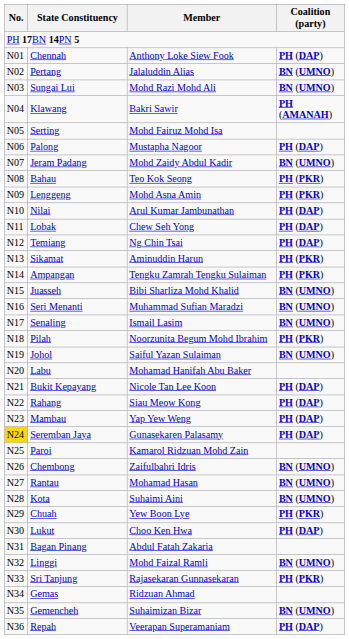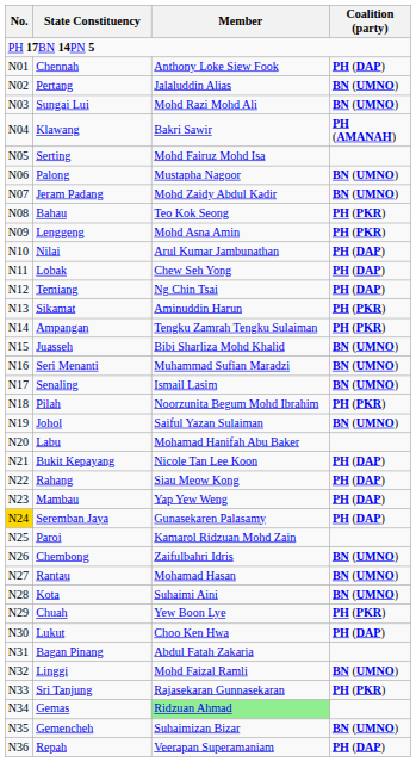 <table class="wikitable sortable">
 <tr>
 <th style="width:30px;">No.</th>
 <th style="width:150px;">State Constituency</th>
 <th style="width:230px;">Member</th>
 <th style="width:100px;">Coalition (party)</th>
 </tr>
 <tr>
 <td colspan="4"><a href='#'>PH</a> <strong>17</strong><a href='#'>BN</a> <strong>14</strong><a href='#'>PN</a> <strong>5</strong></td>
 </tr>
 <tr>
 <td>N01</td>
 <td><a href='#'>Chennah</a></td>
 <td><a href='#'>Anthony Loke Siew Fook</a></td>
 <td><strong><a href='#'>PH</a></strong> (<strong><a href='#'>DAP</a></strong>)</td>
 </tr>
 <tr>
 <td>N02</td>
 <td><a href='#'>Pertang</a></td>
 <td><a href='#'>Jalaluddin Alias</a></td>
 <td><strong><a href='#'>BN</a></strong> (<strong><a href='#'>UMNO</a></strong>)</td>
 </tr>
 <tr>
 <td>N03</td>
 <td><a href='#'>Sungai Lui</a></td>
 <td><a href='#'>Mohd Razi Mohd Ali</a></td>
 <td><strong><a href='#'>BN</a></strong> (<strong><a href='#'>UMNO</a></strong>)</td>
 </tr>
 <tr>
 <td>N04</td>
 <td><a href='#'>Klawang</a></td>
 <td><a href='#'>Bakri Sawir</a></td>
 <td><strong><a href='#'>PH</a></strong> (<strong><a href='#'>AMANAH</a></strong>)</td>
 </tr>
 <tr>
 <td>N05</td>
 <td><a href='#'>Serting</a></td>
 <td><a href='#'>Mohd Fairuz Mohd Isa</a></td>
 <td></td>
 </tr>
 <tr>
 <td>N06</td>
 <td><a href='#'>Palong</a></td>
 <td><a href='#'>Mustapha Nagoor</a></td>
-<td><strong><a href='#'>PH</a></strong> (<strong><a href='#'>DAP</a></strong>)</td>
+<td><strong><a href='#'>BN</a></strong> (<strong><a href='#'>UMNO</a></strong>)</td>
 </tr>
 <tr>
 <td>N07</td>
 <td><a href='#'>Jeram Padang</a></td>
 <td><a href='#'>Mohd Zaidy Abdul Kadir</a></td>
 <td><strong><a href='#'>BN</a></strong> (<strong><a href='#'>UMNO</a></strong>)</td>
 </tr>
 <tr>
 <td>N08</td>
 <td><a href='#'>Bahau</a></td>
 <td><a href='#'>Teo Kok Seong</a></td>
 <td><strong><a href='#'>PH</a></strong> (<strong><a href='#'>PKR</a></strong>)</td>
 </tr>
 <tr>
 <td>N09</td>
 <td><a href='#'>Lenggeng</a></td>
 <td><a href='#'>Mohd Asna Amin</a></td>
 <td><strong><a href='#'>PH</a></strong> (<strong><a href='#'>PKR</a></strong>)</td>
 </tr>
 <tr>
 <td>N10</td>
 <td><a href='#'>Nilai</a></td>
 <td><a href='#'>Arul Kumar Jambunathan</a></td>
 <td><strong><a href='#'>PH</a></strong> (<strong><a href='#'>DAP</a></strong>)</td>
 </tr>
 <tr>
 <td>N11</td>
 <td><a href='#'>Lobak</a></td>
 <td><a href='#'>Chew Seh Yong</a></td>
 <td><strong><a href='#'>PH</a></strong> (<strong><a href='#'>DAP</a></strong>)</td>
 </tr>
 <tr>
 <td>N12</td>
 <td><a href='#'>Temiang</a></td>
 <td><a href='#'>Ng Chin Tsai</a></td>
 <td><strong><a href='#'>PH</a></strong> (<strong><a href='#'>DAP</a></strong>)</td>
 </tr>
 <tr>
 <td>N13</td>
 <td><a href='#'>Sikamat</a></td>
 <td><a href='#'>Aminuddin Harun</a></td>
 <td><strong><a href='#'>PH</a></strong> (<strong><a href='#'>PKR</a></strong>)</td>
 </tr>
 <tr>
 <td>N14</td>
 <td><a href='#'>Ampangan</a></td>
 <td><a href='#'>Tengku Zamrah Tengku Sulaiman</a></td>
 <td><strong><a href='#'>PH</a></strong> (<strong><a href='#'>PKR</a></strong>)</td>
 </tr>
 <tr>
 <td>N15</td>
 <td><a href='#'>Juasseh</a></td>
 <td><a href='#'>Bibi Sharliza Mohd Khalid</a></td>
 <td><strong><a href='#'>BN</a></strong> (<strong><a href='#'>UMNO</a></strong>)</td>
 </tr>
 <tr>
 <td>N16</td>
 <td><a href='#'>Seri Menanti</a></td>
 <td><a href='#'>Muhammad Sufian Maradzi</a></td>
 <td><strong><a href='#'>BN</a></strong> (<strong><a href='#'>UMNO</a></strong>)</td>
 </tr>
 <tr>
 <td>N17</td>
 <td><a href='#'>Senaling</a></td>
 <td><a href='#'>Ismail Lasim</a></td>
 <td><strong><a href='#'>BN</a></strong> (<strong><a href='#'>UMNO</a></strong>)</td>
 </tr>
 <tr>
 <td>N18</td>
 <td><a href='#'>Pilah</a></td>
 <td><a href='#'>Noorzunita Begum Mohd Ibrahim</a></td>
 <td><strong><a href='#'>PH</a></strong> (<strong><a href='#'>PKR</a></strong>)</td>
 </tr>
 <tr>
 <td>N19</td>
 <td><a href='#'>Johol</a></td>
 <td><a href='#'>Saiful Yazan Sulaiman</a></td>
 <td><strong><a href='#'>BN</a></strong> (<strong><a href='#'>UMNO</a></strong>)</td>
 </tr>
 <tr>
 <td>N20</td>
 <td><a href='#'>Labu</a></td>
 <td><a href='#'>Mohamad Hanifah Abu Baker</a></td>
 <td></td>
 </tr>
 <tr>
 <td>N21</td>
 <td><a href='#'>Bukit Kepayang</a></td>
 <td><a href='#'>Nicole Tan Lee Koon</a></td>
 <td><strong><a href='#'>PH</a></strong> (<strong><a href='#'>DAP</a></strong>)</td>
 </tr>
 <tr>
 <td>N22</td>
 <td><a href='#'>Rahang</a></td>
 <td><a href='#'>Siau Meow Kong</a></td>
 <td><strong><a href='#'>PH</a></strong> (<strong><a href='#'>DAP</a></strong>)</td>
 </tr>
 <tr>
 <td>N23</td>
 <td><a href='#'>Mambau</a></td>
 <td><a href='#'>Yap Yew Weng</a></td>
 <td><strong><a href='#'>PH</a></strong> (<strong><a href='#'>DAP</a></strong>)</td>
 </tr>
 <tr>
 <td style="background: gold;">N24</td>
 <td><a href='#'>Seremban Jaya</a></td>
 <td><a href='#'>Gunasekaren Palasamy</a></td>
 <td><strong><a href='#'>PH</a></strong> (<strong><a href='#'>DAP</a></strong>)</td>
 </tr>
 <tr>
 <td>N25</td>
 <td><a href='#'>Paroi</a></td>
 <td><a href='#'>Kamarol Ridzuan Mohd Zain</a></td>
 <td></td>
 </tr>
 <tr>
 <td>N26</td>
 <td><a href='#'>Chembong</a></td>
 <td><a href='#'>Zaifulbahri Idris</a></td>
 <td><strong><a href='#'>BN</a></strong> (<strong><a href='#'>UMNO</a></strong>)</td>
 </tr>
 <tr>
 <td>N27</td>
 <td><a href='#'>Rantau</a></td>
 <td><a href='#'>Mohamad Hasan</a></td>
 <td><strong><a href='#'>BN</a></strong> (<strong><a href='#'>UMNO</a></strong>)</td>
 </tr>
 <tr>
 <td>N28</td>
 <td><a href='#'>Kota</a></td>
 <td><a href='#'>Suhaimi Aini</a></td>
 <td><strong><a href='#'>BN</a></strong> (<strong><a href='#'>UMNO</a></strong>)</td>
 </tr>
 <tr>
 <td>N29</td>
 <td><a href='#'>Chuah</a></td>
 <td><a href='#'>Yew Boon Lye</a></td>
 <td><strong><a href='#'>PH</a></strong> (<strong><a href='#'>PKR</a></strong>)</td>
 </tr>
 <tr>
 <td>N30</td>
 <td><a href='#'>Lukut</a></td>
 <td><a href='#'>Choo Ken Hwa</a></td>
 <td><strong><a href='#'>PH</a></strong> (<strong><a href='#'>DAP</a></strong>)</td>
 </tr>
 <tr>
 <td>N31</td>
 <td><a href='#'>Bagan Pinang</a></td>
 <td><a href='#'>Abdul Fatah Zakaria</a></td>
 <td></td>
 </tr>
 <tr>
 <td>N32</td>
 <td><a href='#'>Linggi</a></td>
 <td><a href='#'>Mohd Faizal Ramli</a></td>
 <td><strong><a href='#'>BN</a></strong> (<strong><a href='#'>UMNO</a></strong>)</td>
 </tr>
 <tr>
 <td>N33</td>
 <td><a href='#'>Sri Tanjung</a></td>
 <td><a href='#'>Rajasekaran Gunnasekaran</a></td>
 <td><strong><a href='#'>PH</a></strong> (<strong><a href='#'>PKR</a></strong>)</td>
 </tr>
 <tr>
 <td>N34</td>
 <td><a href='#'>Gemas</a></td>
-<td><a href='#'>Ridzuan Ahmad</a></td>
+<td style="background: lightgreen;"><a href='#'>Ridzuan Ahmad</a></td>
 <td></td>
 </tr>
 <tr>
 <td>N35</td>
 <td><a href='#'>Gemencheh</a></td>
 <td><a href='#'>Suhaimizan Bizar</a></td>
 <td><strong><a href='#'>BN</a></strong> (<strong><a href='#'>UMNO</a></strong>)</td>
 </tr>
 <tr>
 <td>N36</td>
 <td><a href='#'>Repah</a></td>
 <td><a href='#'>Veerapan Superamaniam</a></td>
 <td><strong><a href='#'>PH</a></strong> (<strong><a href='#'>DAP</a></strong>)</td>
 </tr>
 </table>
